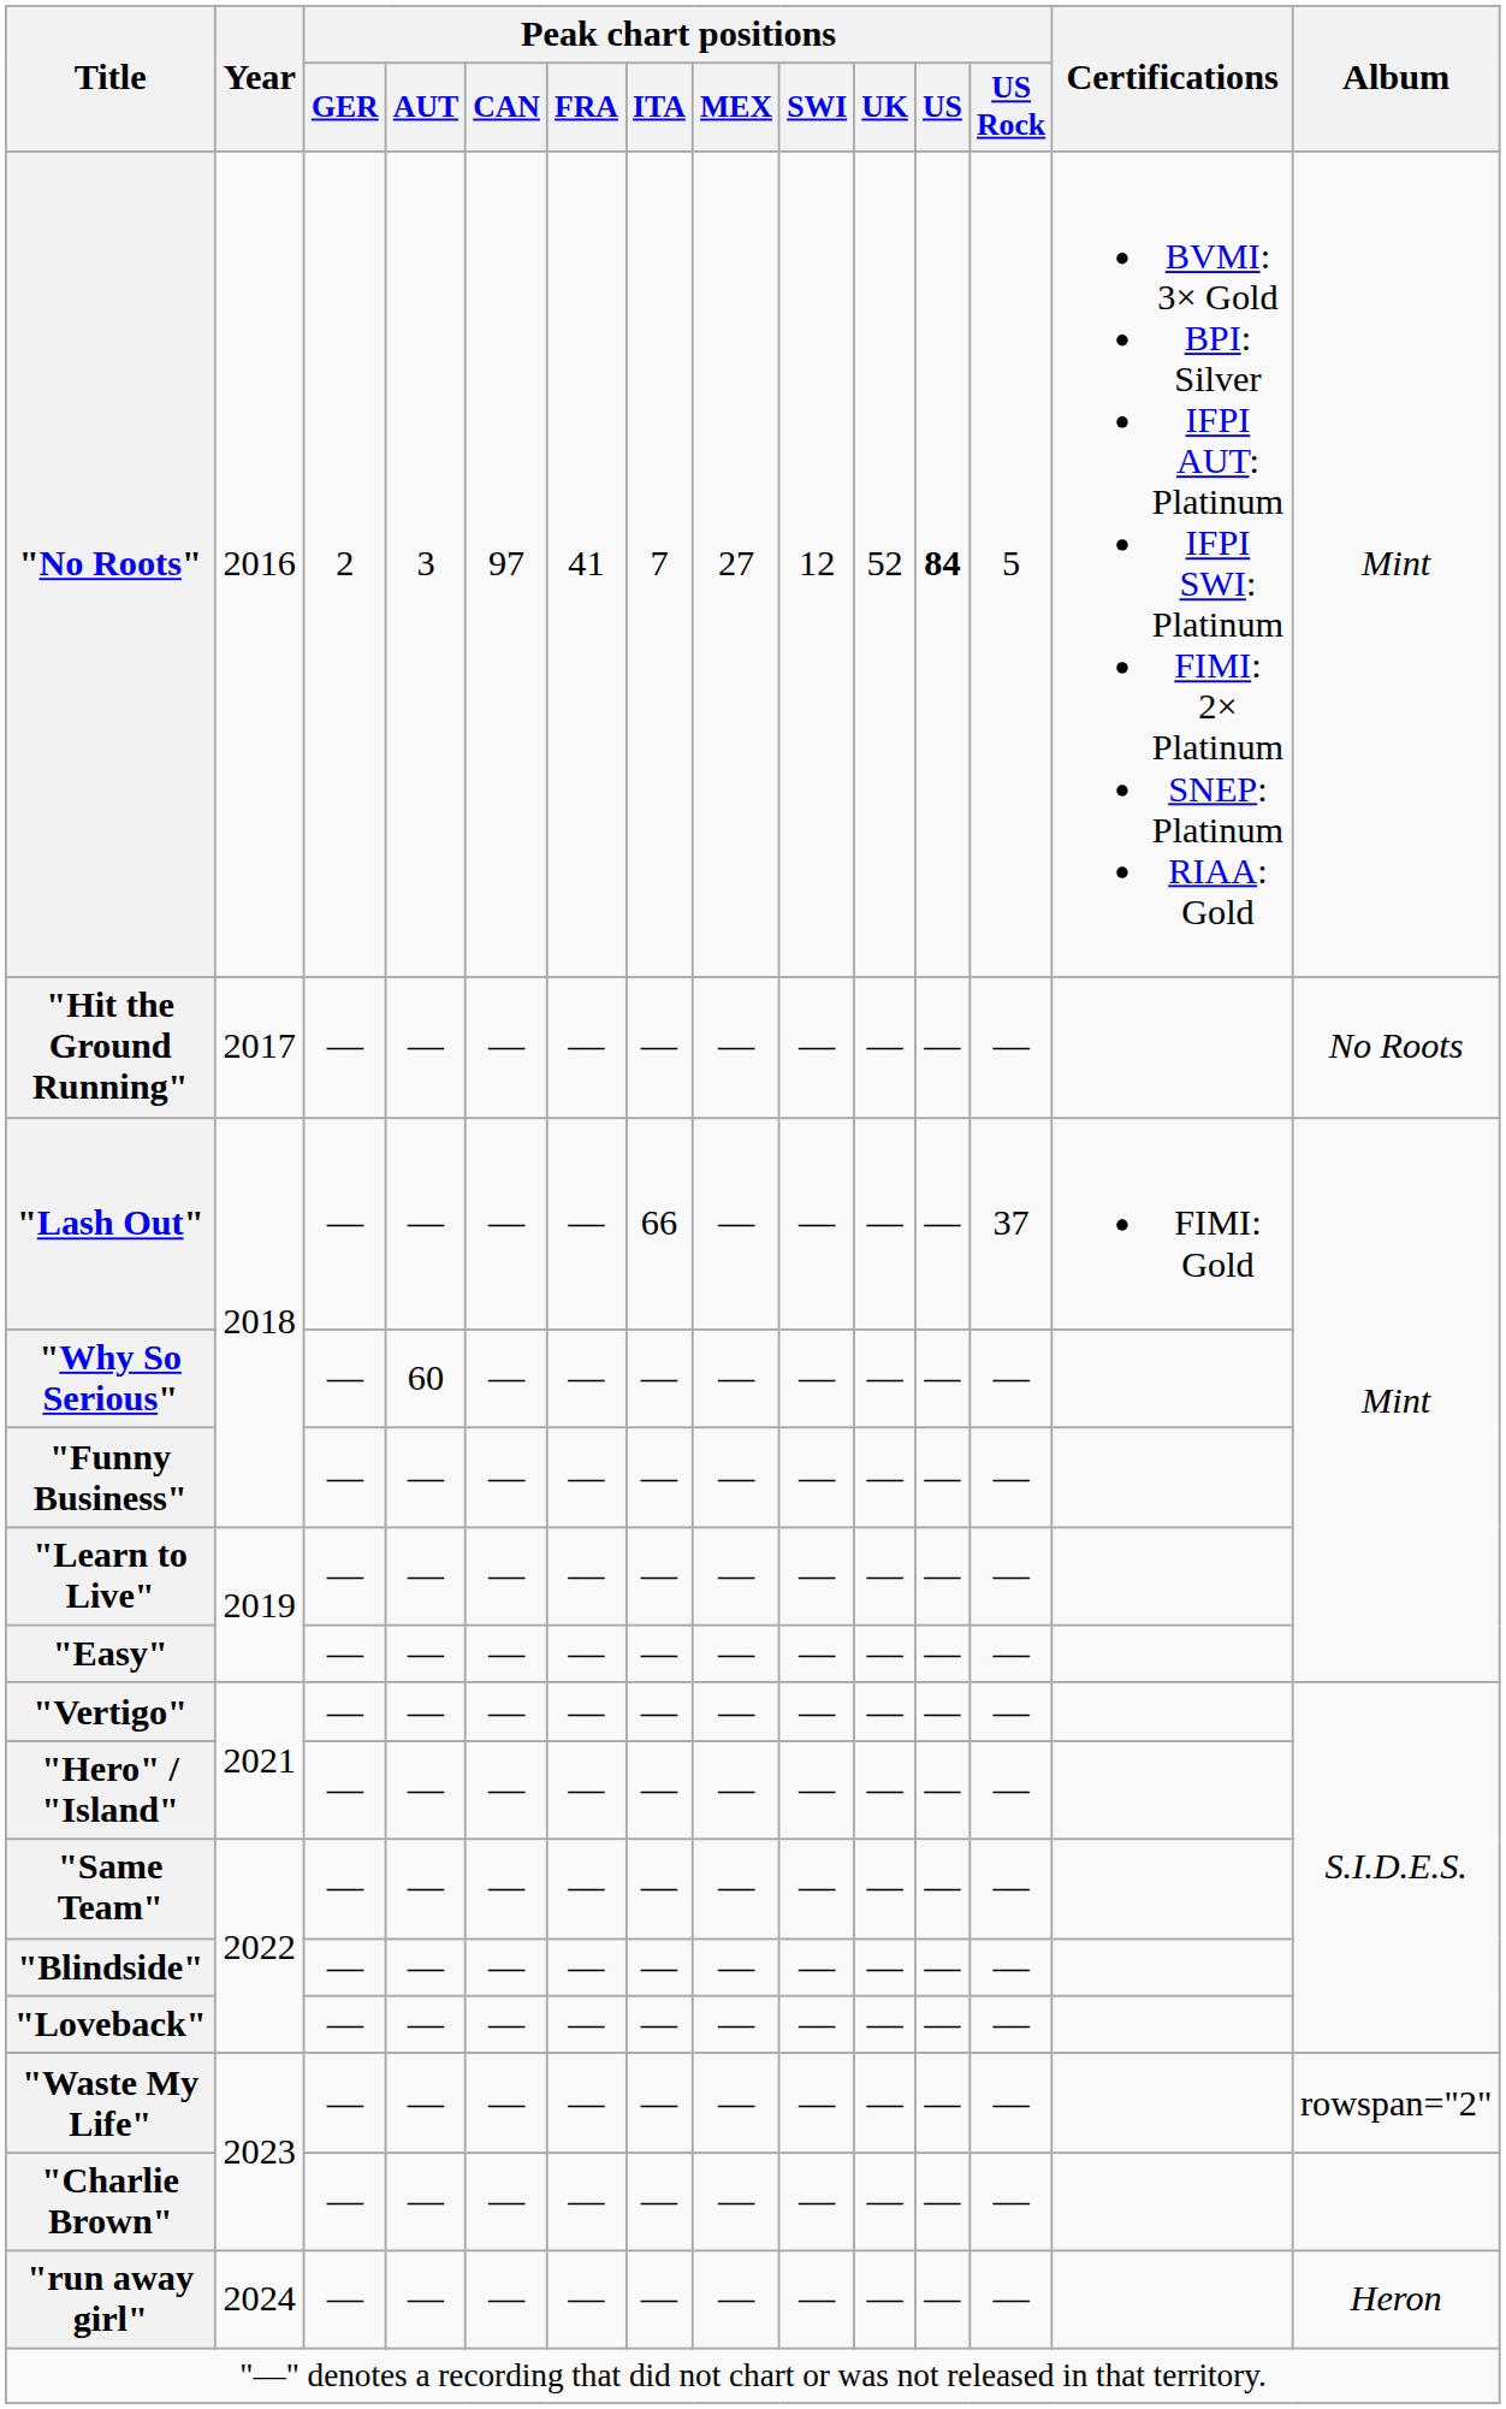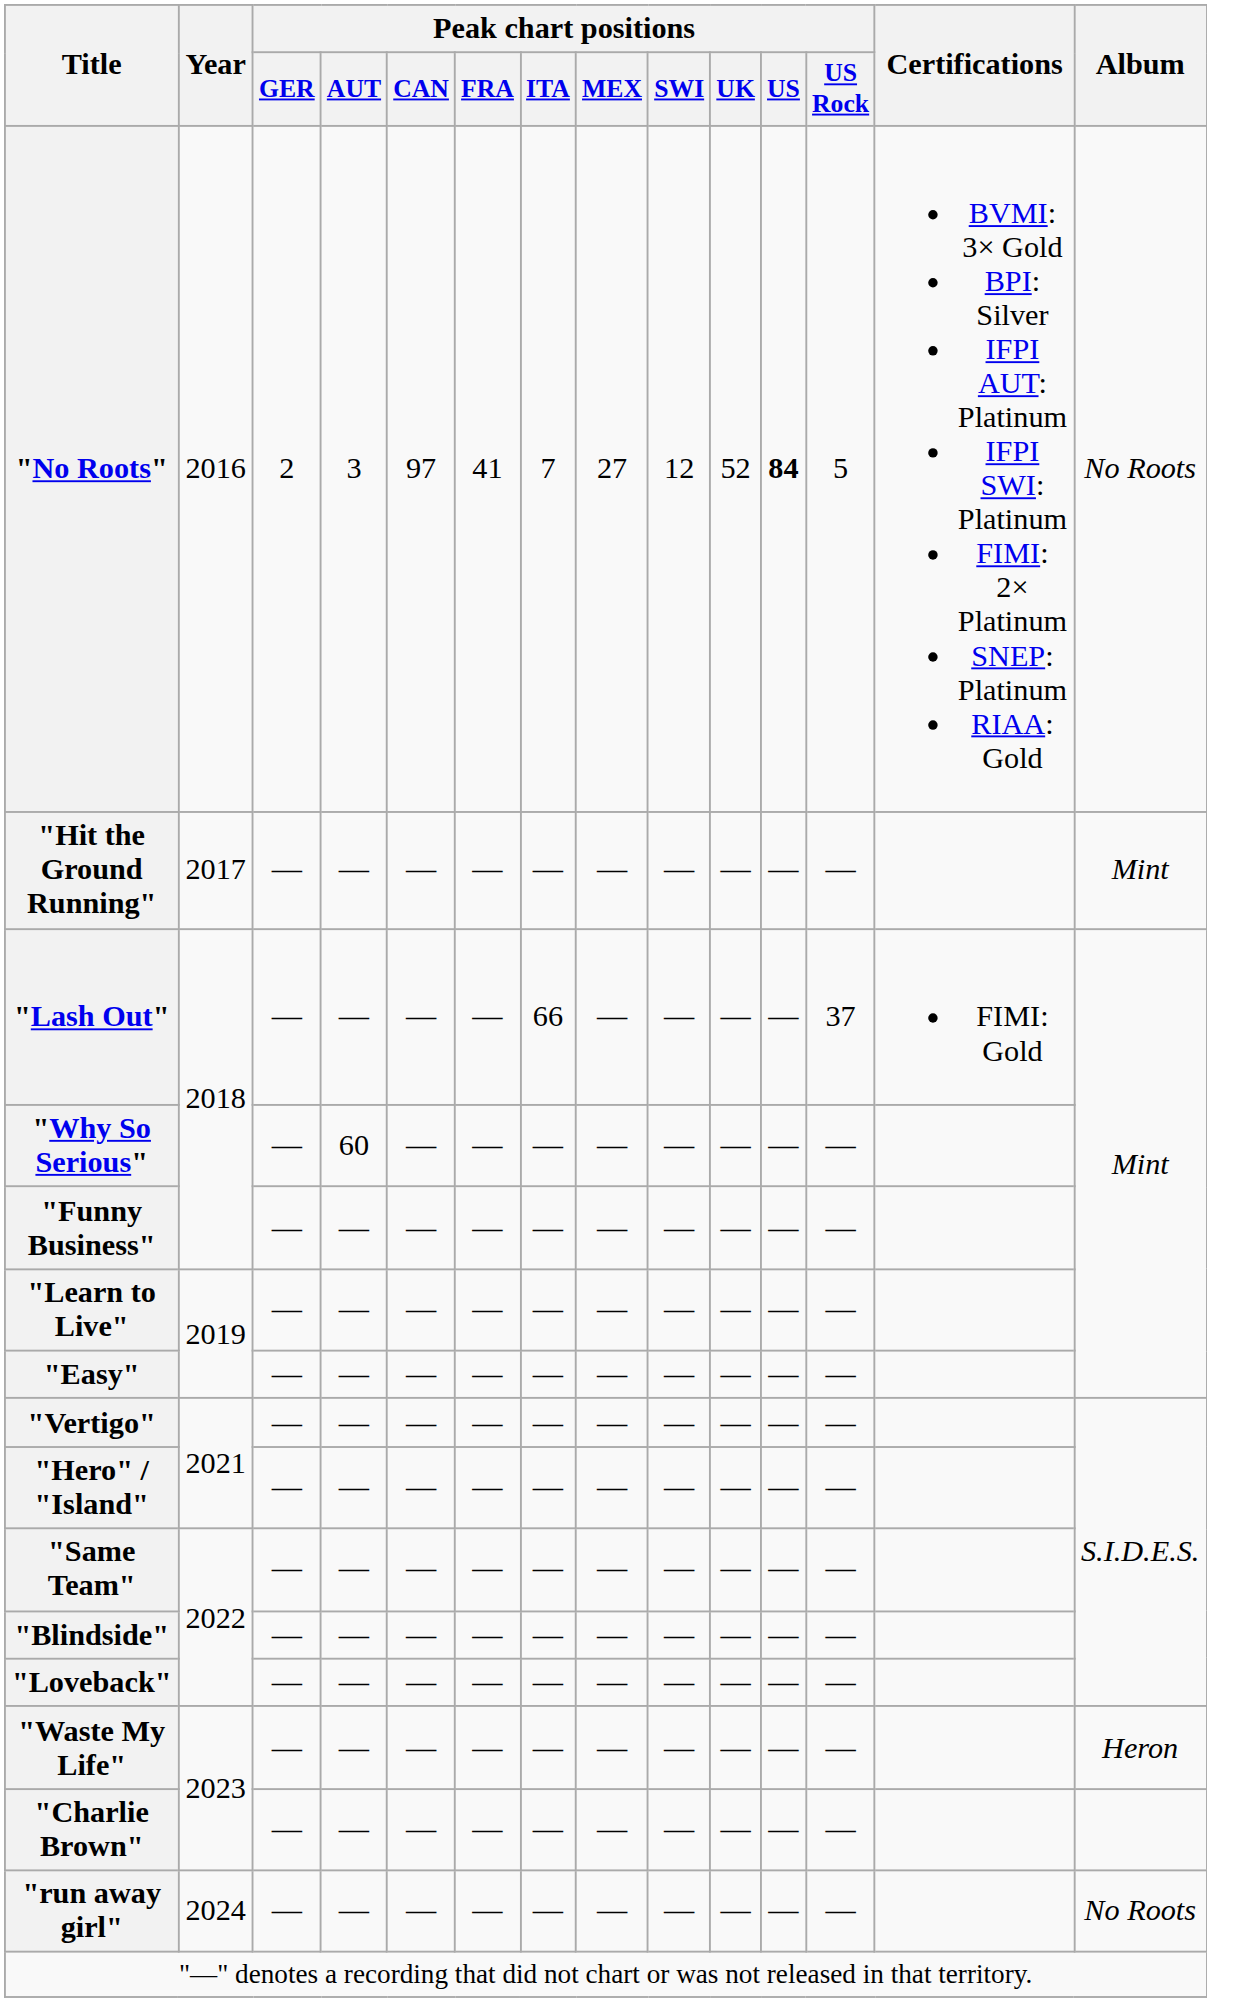 <table class="wikitable plainrowheaders" style="text-align:center;">
 <tr>
 <th scope="col" rowspan="2" style="width:12em;">Title</th>
 <th scope="col" rowspan="2">Year</th>
 <th scope="col" colspan="10">Peak chart positions</th>
 <th scope="col" rowspan="2" style="width:12em;">Certifications</th>
 <th scope="col" rowspan="2" style="width:12em;">Album</th>
 </tr>
 <tr>
 <th style="width:3em;font-size:85%"><a href='#'>GER</a><br></th>
 <th style="width:3em;font-size:85%"><a href='#'>AUT</a><br></th>
 <th style="width:3em;font-size:85%"><a href='#'>CAN</a><br></th>
 <th style="width:3em;font-size:85%"><a href='#'>FRA</a><br></th>
 <th style="width:3em;font-size:85%"><a href='#'>ITA</a><br></th>
 <th style="width:3em;font-size:85%"><a href='#'>MEX</a><br></th>
 <th style="width:3em;font-size:85%"><a href='#'>SWI</a><br></th>
 <th style="width:3em;font-size:85%"><a href='#'>UK</a><br></th>
 <th style="width:3em;font-size:85%"><a href='#'>US</a><br></th>
 <th style="width:3em;font-size:85%"><a href='#'>US<br>Rock</a><br></th>
 </tr>
 <tr>
 <th scope="row">"<a href='#'>No Roots</a>"</th>
 <td>2016</td>
 <td>2</td>
 <td>3</td>
 <td>97</td>
 <td>41</td>
 <td>7</td>
 <td>27</td>
 <td>12</td>
 <td>52</td>
 <td><strong>84</strong></td>
 <td>5</td>
 <td><br><ul><li><a href='#'>BVMI</a>: 3× Gold</li><li><a href='#'>BPI</a>: Silver</li><li><a href='#'>IFPI AUT</a>: Platinum</li><li><a href='#'>IFPI SWI</a>: Platinum</li><li><a href='#'>FIMI</a>: 2× Platinum</li><li><a href='#'>SNEP</a>: Platinum</li><li><a href='#'>RIAA</a>: Gold</li></ul></td>
-<td><em>Mint</em></td>
+<td><em>No Roots</em></td>
 </tr>
 <tr>
 <th scope="row">"Hit the Ground Running"</th>
 <td>2017</td>
 <td>—</td>
 <td>—</td>
 <td>—</td>
 <td>—</td>
 <td>—</td>
 <td>—</td>
 <td>—</td>
 <td>—</td>
 <td>—</td>
 <td>—</td>
 <td></td>
-<td><em>No Roots</em></td>
+<td><em>Mint</em></td>
 </tr>
 <tr>
 <th scope="row">"<a href='#'>Lash Out</a>"</th>
 <td rowspan="3">2018</td>
 <td>—</td>
 <td>—</td>
 <td>—</td>
 <td>—</td>
 <td>66</td>
 <td>—</td>
 <td>—</td>
 <td>—</td>
 <td>—</td>
 <td>37</td>
 <td><br><ul><li>FIMI: Gold</li></ul></td>
 <td rowspan="5"><em>Mint</em></td>
 </tr>
 <tr>
 <th scope="row">"<a href='#'>Why So Serious</a>"</th>
 <td>—</td>
 <td>60</td>
 <td>—</td>
 <td>—</td>
 <td>—</td>
 <td>—</td>
 <td>—</td>
 <td>—</td>
 <td>—</td>
 <td>—</td>
 <td></td>
 </tr>
 <tr>
 <th scope="row">"Funny Business"</th>
 <td>—</td>
 <td>—</td>
 <td>—</td>
 <td>—</td>
 <td>—</td>
 <td>—</td>
 <td>—</td>
 <td>—</td>
 <td>—</td>
 <td>—</td>
 <td></td>
 </tr>
 <tr>
 <th scope="row">"Learn to Live"</th>
 <td rowspan="2">2019</td>
 <td>—</td>
 <td>—</td>
 <td>—</td>
 <td>—</td>
 <td>—</td>
 <td>—</td>
 <td>—</td>
 <td>—</td>
 <td>—</td>
 <td>—</td>
 <td></td>
 </tr>
 <tr>
 <th scope="row">"Easy"</th>
 <td>—</td>
 <td>—</td>
 <td>—</td>
 <td>—</td>
 <td>—</td>
 <td>—</td>
 <td>—</td>
 <td>—</td>
 <td>—</td>
 <td>—</td>
 <td></td>
 </tr>
 <tr>
 <th scope="row">"Vertigo"</th>
 <td rowspan="2">2021</td>
 <td>—</td>
 <td>—</td>
 <td>—</td>
 <td>—</td>
 <td>—</td>
 <td>—</td>
 <td>—</td>
 <td>—</td>
 <td>—</td>
 <td>—</td>
 <td></td>
 <td rowspan="5"><em>S.I.D.E.S.</em></td>
 </tr>
 <tr>
 <th scope="row">"Hero" / "Island"</th>
 <td>—</td>
 <td>—</td>
 <td>—</td>
 <td>—</td>
 <td>—</td>
 <td>—</td>
 <td>—</td>
 <td>—</td>
 <td>—</td>
 <td>—</td>
 <td></td>
 </tr>
 <tr>
 <th scope="row">"Same Team"</th>
 <td rowspan="3">2022</td>
 <td>—</td>
 <td>—</td>
 <td>—</td>
 <td>—</td>
 <td>—</td>
 <td>—</td>
 <td>—</td>
 <td>—</td>
 <td>—</td>
 <td>—</td>
 <td></td>
 </tr>
 <tr>
 <th scope="row">"Blindside"</th>
 <td>—</td>
 <td>—</td>
 <td>—</td>
 <td>—</td>
 <td>—</td>
 <td>—</td>
 <td>—</td>
 <td>—</td>
 <td>—</td>
 <td>—</td>
 <td></td>
 </tr>
 <tr>
 <th scope="row">"Loveback"</th>
 <td>—</td>
 <td>—</td>
 <td>—</td>
 <td>—</td>
 <td>—</td>
 <td>—</td>
 <td>—</td>
 <td>—</td>
 <td>—</td>
 <td>—</td>
 <td></td>
 </tr>
 <tr>
 <th scope="row">"Waste My Life"</th>
 <td rowspan="2">2023</td>
 <td>—</td>
 <td>—</td>
 <td>—</td>
 <td>—</td>
 <td>—</td>
 <td>—</td>
 <td>—</td>
 <td>—</td>
 <td>—</td>
 <td>—</td>
 <td></td>
-<td>rowspan="2" </td>
+<td><em>Heron</em></td>
 </tr>
 <tr>
 <th scope="row">"Charlie Brown"</th>
 <td>—</td>
 <td>—</td>
 <td>—</td>
 <td>—</td>
 <td>—</td>
 <td>—</td>
 <td>—</td>
 <td>—</td>
 <td>—</td>
 <td>—</td>
 <td></td>
 </tr>
 <tr>
 <th scope="row">"run away girl"</th>
 <td>2024</td>
 <td>—</td>
 <td>—</td>
 <td>—</td>
 <td>—</td>
 <td>—</td>
 <td>—</td>
 <td>—</td>
 <td>—</td>
 <td>—</td>
 <td>—</td>
 <td></td>
-<td><em>Heron</em></td>
+<td><em>No Roots</em></td>
 </tr>
 <tr>
 <td colspan="15" style="font-size:90%">"—" denotes a recording that did not chart or was not released in that territory.</td>
 </tr>
 </table>
